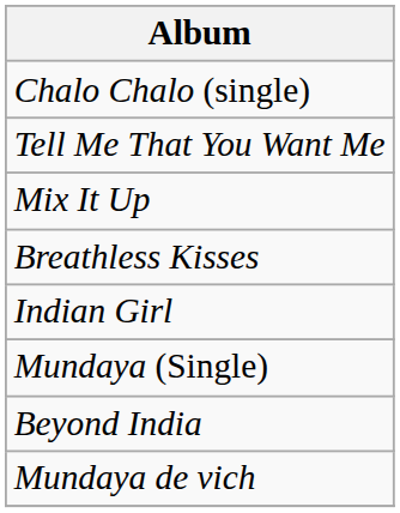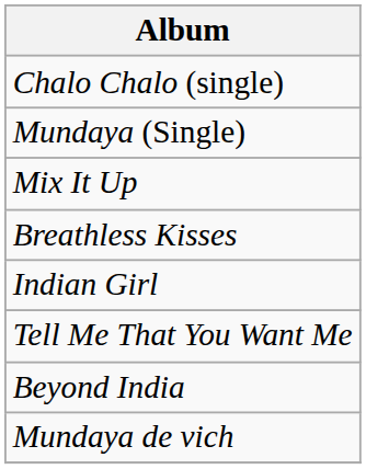 <table class="wikitable">
 <tr>
 <th>Album</th>
 </tr>
 <tr>
 <td><em>Chalo Chalo</em> (single)</td>
 </tr>
 <tr>
-<td><em>Tell Me That You Want Me</em></td>
+<td><em>Mundaya</em> (Single)</td>
 </tr>
 <tr>
 <td><em>Mix It Up</em></td>
 </tr>
 <tr>
 <td><em>Breathless Kisses</em></td>
 </tr>
 <tr>
 <td><em>Indian Girl</em></td>
 </tr>
 <tr>
-<td><em>Mundaya</em> (Single)</td>
+<td><em>Tell Me That You Want Me</em></td>
 </tr>
 <tr>
 <td><em>Beyond India</em></td>
 </tr>
 <tr>
 <td><em>Mundaya de vich</em></td>
 </tr>
 <tr>
 </tr>
 </table>
